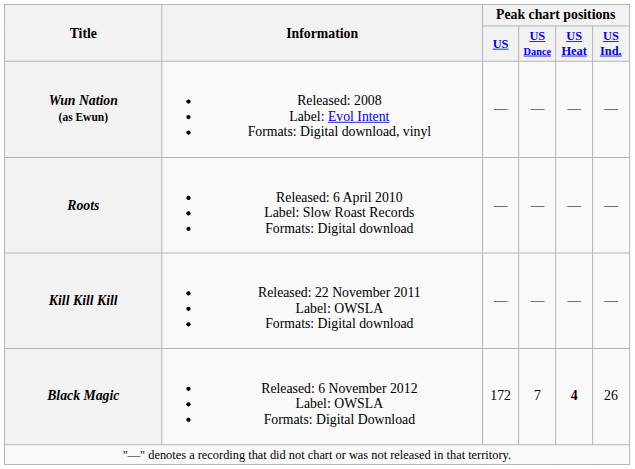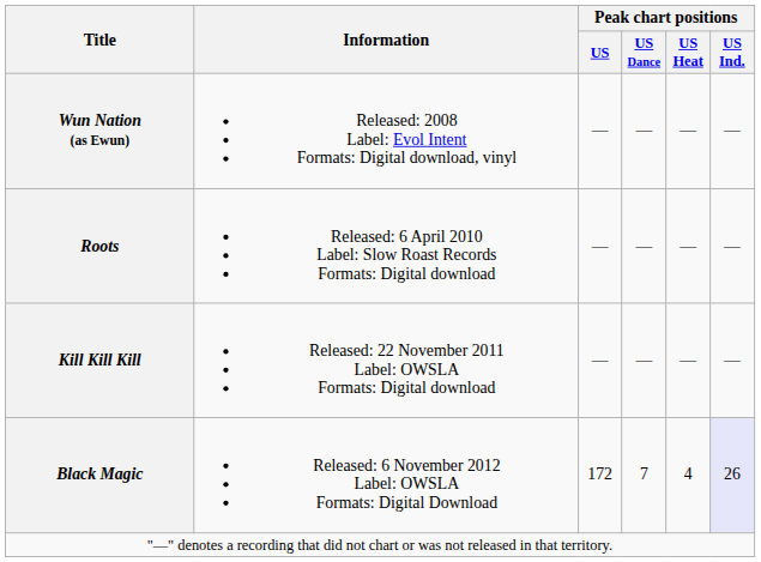 <table class="wikitable plainrowheaders" style="text-align:center;">
 <tr>
 <th scope="col" style="width:11em;" rowspan="2">Title</th>
 <th scope="col" style="width:22.8em;" rowspan="2">Information</th>
 <th scope="col" colspan="4">Peak chart positions</th>
 </tr>
 <tr>
 <th scope="col" style="width:2.5em;font-size:90%;"><a href='#'>US</a><br></th>
 <th scope="col" style="width:2.5em;font-size:90%;"><a href='#'>US</a><br><small><a href='#'>Dance</a></small><br></th>
 <th scope="col" style="width:2.5em;font-size:90%;"><a href='#'>US</a><br><a href='#'>Heat</a><br></th>
 <th scope="col" style="width:2.5em;font-size:90%;"><a href='#'>US</a><br><a href='#'>Ind.</a><br></th>
 </tr>
 <tr>
 <th scope="row"><em>Wun Nation</em><br><small>(as Ewun)</small></th>
 <td><br><ul><li>Released: 2008</li><li>Label: <a href='#'>Evol Intent</a></li><li>Formats: Digital download, vinyl</li></ul></td>
 <td>—</td>
 <td>—</td>
 <td>—</td>
 <td>—</td>
 </tr>
 <tr>
 <th scope="row"><em>Roots</em></th>
 <td><br><ul><li>Released: 6 April 2010</li><li>Label: Slow Roast Records</li><li>Formats: Digital download</li></ul></td>
 <td>—</td>
 <td>—</td>
 <td>—</td>
 <td>—</td>
 </tr>
 <tr>
 <th scope="row"><em>Kill Kill Kill</em></th>
 <td><br><ul><li>Released: 22 November 2011</li><li>Label: OWSLA</li><li>Formats: Digital download</li></ul></td>
 <td>—</td>
 <td>—</td>
 <td>—</td>
 <td>—</td>
 </tr>
 <tr>
 <th scope="row"><em>Black Magic</em></th>
 <td><br><ul><li>Released: 6 November 2012</li><li>Label: OWSLA</li><li>Formats: Digital Download</li></ul></td>
 <td>172</td>
 <td>7</td>
-<td><strong>4</strong></td>
-<td>26</td>
+<td>4</td>
+<td style="background: lavender;">26</td>
 </tr>
 <tr>
 <td colspan="12" style="font-size:90%">"—" denotes a recording that did not chart or was not released in that territory.</td>
 </tr>
 </table>
